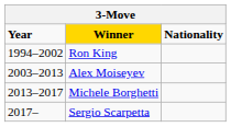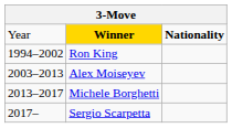 <table class="wikitable">
 <tr>
 <th colspan=6 align="center"><strong>3-Move</strong></th>
 </tr>
 <tr>
-<td><strong>Year</strong></td>
+<td>Year</td>
 <td align="center" bgcolor="gold"><strong>Winner</strong></td>
 <td><strong>Nationality</strong></td>
 </tr>
 <tr>
 <td>1994–2002</td>
 <td><a href='#'>Ron King</a></td>
 <td align="left"></td>
 </tr>
 <tr>
 <td>2003–2013</td>
 <td><a href='#'>Alex Moiseyev</a></td>
 <td align="left"></td>
 </tr>
 <tr>
 <td>2013–2017</td>
 <td><a href='#'>Michele Borghetti</a></td>
 <td align="left"></td>
 </tr>
 <tr>
 <td>2017–</td>
 <td><a href='#'>Sergio Scarpetta</a></td>
 <td align="left"></td>
 </tr>
 </table>
